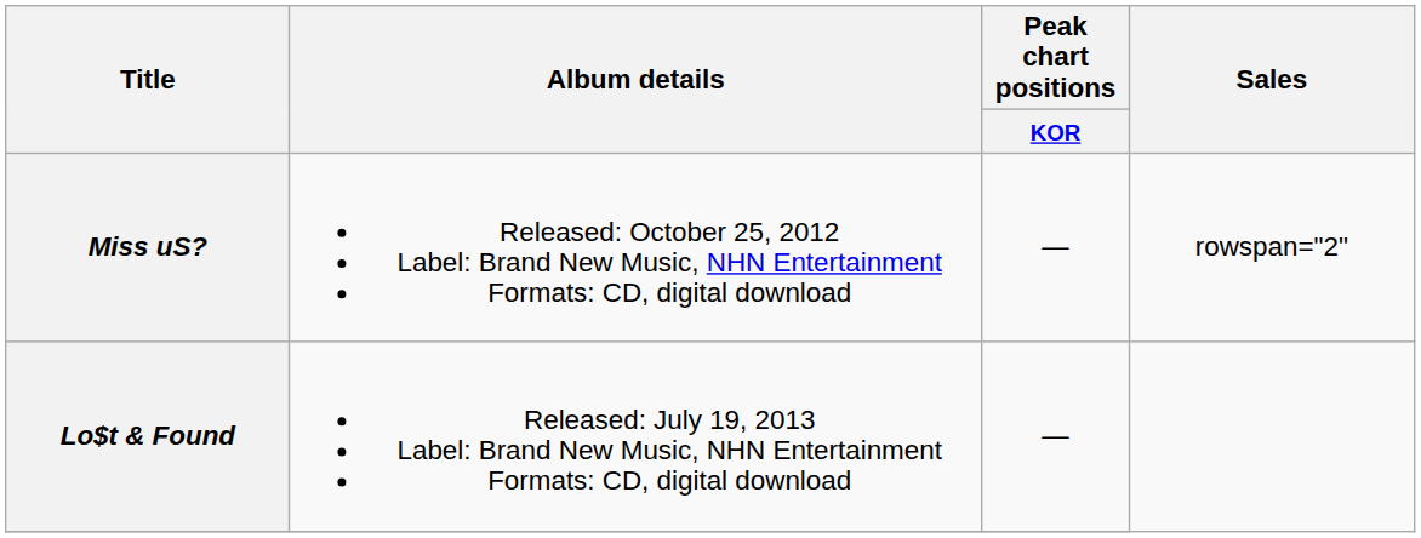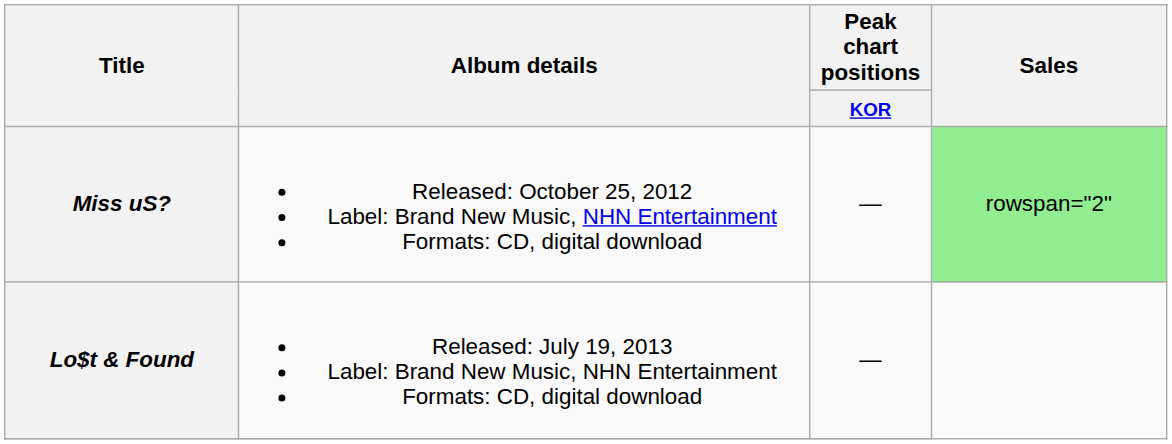 <table class="wikitable plainrowheaders" style="text-align:center;">
 <tr>
 <th scope="col" rowspan="2" style="width:10em;">Title</th>
 <th scope="col" rowspan="2" style="width:25em;">Album details</th>
 <th scope="col" colspan="1" style="width:5em;">Peak chart positions</th>
 <th scope="col" rowspan="2" style="width:10em;">Sales</th>
 </tr>
 <tr>
 <th><small><a href='#'>KOR</a></small><br></th>
 </tr>
 <tr>
 <th scope="row"><em>Miss uS?</em></th>
 <td><br><ul><li>Released: October 25, 2012</li><li>Label: Brand New Music, <a href='#'>NHN Entertainment</a></li><li>Formats: CD, digital download</li></ul></td>
 <td>—</td>
-<td>rowspan="2" </td>
+<td style="background: lightgreen;">rowspan="2" </td>
 </tr>
 <tr>
 <th scope="row"><em>Lo$t & Found</em></th>
 <td><br><ul><li>Released: July 19, 2013</li><li>Label: Brand New Music, NHN Entertainment</li><li>Formats: CD, digital download</li></ul></td>
 <td>—</td>
 </tr>
 <tr>
 </tr>
 </table>
